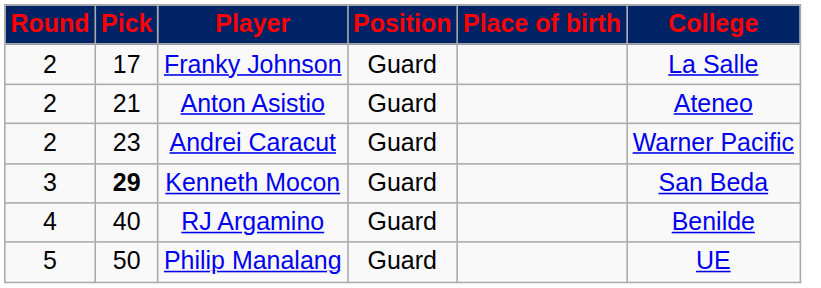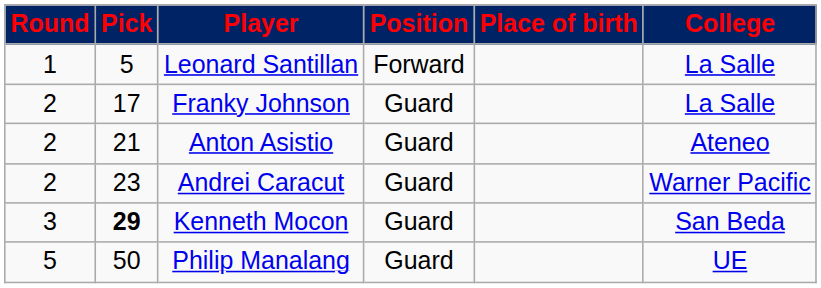 <table class="wikitable sortable sortable" style="text-align:center">
 <tr>
 <th style="background:#002366; color:#FE0003; ">Round</th>
 <th style="background:#002366; color:#FE0003; ">Pick</th>
 <th style="background:#002366; color:#FE0003; ">Player</th>
 <th style="background:#002366; color:#FE0003; ">Position</th>
 <th style="background:#002366; color:#FE0003; ">Place of birth</th>
 <th style="background:#002366; color:#FE0003; ">College</th>
+</tr>
+<tr>
+<td>1</td>
+<td>5</td>
+<td><a href='#'>Leonard Santillan</a></td>
+<td>Forward</td>
+<td></td>
+<td><a href='#'>La Salle</a></td>
 </tr>
 <tr>
 <td>2</td>
 <td>17</td>
 <td><a href='#'>Franky Johnson</a></td>
 <td>Guard</td>
 <td></td>
 <td><a href='#'>La Salle</a></td>
 </tr>
 <tr>
 <td>2</td>
 <td>21</td>
 <td><a href='#'>Anton Asistio</a></td>
 <td>Guard</td>
 <td></td>
 <td><a href='#'>Ateneo</a></td>
 </tr>
 <tr>
 <td>2</td>
 <td>23</td>
 <td><a href='#'>Andrei Caracut</a></td>
 <td>Guard</td>
 <td></td>
 <td><a href='#'>Warner Pacific</a></td>
 </tr>
 <tr>
 <td>3</td>
 <td><strong>29</strong></td>
 <td><a href='#'>Kenneth Mocon</a></td>
 <td>Guard</td>
 <td></td>
 <td><a href='#'>San Beda</a></td>
 </tr>
 <tr>
-<td>4</td>
-<td>40</td>
-<td><a href='#'>RJ Argamino</a></td>
-<td>Guard</td>
-<td></td>
-<td><a href='#'>Benilde</a></td>
-</tr>
-<tr>
 <td>5</td>
 <td>50</td>
 <td><a href='#'>Philip Manalang</a></td>
 <td>Guard</td>
 <td></td>
 <td><a href='#'>UE</a></td>
 </tr>
 </table>
